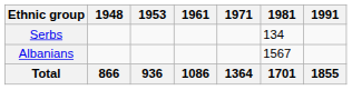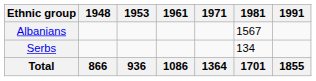 <table class="wikitable" border="1">
 <tr>
 <th>Ethnic group</th>
 <th style=width:3em>1948</th>
 <th style=width:3em>1953</th>
 <th style=width:3em>1961</th>
 <th style=width:3em>1971</th>
 <th style=width:3em>1981</th>
 <th style=width:3em>1991</th>
 </tr>
 <tr>
+<th style=font-weight:300><a href='#'>Albanians</a></th>
+<td></td>
+<td></td>
+<td></td>
+<td></td>
+<td>1567</td>
+<td></td>
+</tr>
+<tr>
 <th style=font-weight:300><a href='#'>Serbs</a></th>
 <td></td>
 <td></td>
 <td></td>
 <td></td>
 <td>134</td>
-<td></td>
-</tr>
-<tr>
-<th style=font-weight:300><a href='#'>Albanians</a></th>
-<td></td>
-<td></td>
-<td></td>
-<td></td>
-<td>1567</td>
 <td></td>
 </tr>
 <tr>
 <th>Total</th>
 <th>866</th>
 <th>936</th>
 <th>1086</th>
 <th>1364</th>
 <th>1701</th>
 <th>1855</th>
 </tr>
 </table>
